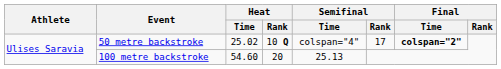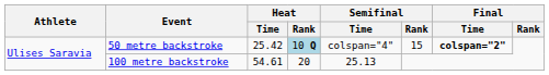 <table class="wikitable" style="text-align:center; font-size:90%; width:50%;">
 <tr>
 <th rowspan="2">Athlete</th>
 <th rowspan="2">Event</th>
 <th colspan="2">Heat</th>
 <th colspan="2">Semifinal</th>
 <th colspan="2">Final</th>
 </tr>
 <tr style="font-size:95%">
 <th>Time</th>
 <th>Rank</th>
 <th>Time</th>
 <th>Rank</th>
 <th>Time</th>
 <th>Rank</th>
 </tr>
 <tr>
 <td align=left rowspan=2><a href='#'>Ulises Saravia</a></td>
 <td align=left><a href='#'>50 metre backstroke</a></td>
-<td>25.02</td>
-<td>10 <strong>Q</strong></td>
+<td>25.42</td>
+<td style="background: lightblue;">10 <strong>Q</strong></td>
 <td>colspan="4" </td>
-<td>17</td>
+<td>15</td>
 <td><strong>colspan="2" </strong></td>
 </tr>
 <tr>
 <td align=left><a href='#'>100 metre backstroke</a></td>
-<td>54.60</td>
+<td>54.61</td>
 <td>20</td>
 <td>25.13</td>
 </tr>
 </table>
